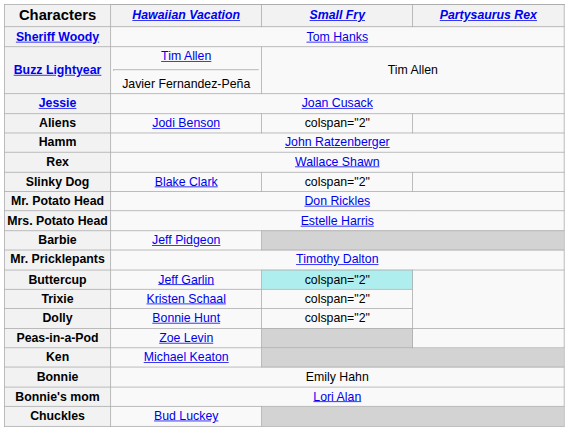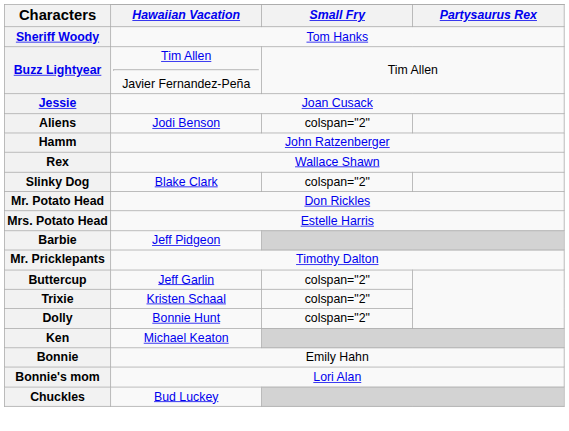 <table class="wikitable" style="text-align:center; ">
 <tr>
 <th rowspan="2" style="width:19%;"><big>Characters</big></th>
 </tr>
 <tr>
 <th style="width:27%;"><em><a href='#'>Hawaiian Vacation</a></em></th>
 <th style="width:27%;"><em><a href='#'>Small Fry</a></em></th>
 <th style="width:27%;"><em><a href='#'>Partysaurus Rex</a></em></th>
 </tr>
 <tr>
 <th><a href='#'>Sheriff Woody</a></th>
 <td colspan="3"><a href='#'>Tom Hanks</a></td>
 </tr>
 <tr>
 <th><a href='#'>Buzz Lightyear</a></th>
 <td><a href='#'>Tim Allen</a><hr>Javier Fernandez-Peña <br></td>
 <td colspan="2">Tim Allen</td>
 </tr>
 <tr>
 <th><a href='#'>Jessie</a></th>
 <td colspan="3"><a href='#'>Joan Cusack</a></td>
 </tr>
 <tr>
 <th>Aliens</th>
 <td><a href='#'>Jodi Benson</a></td>
 <td>colspan="2" </td>
 </tr>
 <tr>
 <th>Hamm</th>
 <td colspan="3"><a href='#'>John Ratzenberger</a></td>
 </tr>
 <tr>
 <th>Rex</th>
 <td colspan="3"><a href='#'>Wallace Shawn</a></td>
 </tr>
 <tr>
 <th>Slinky Dog</th>
 <td><a href='#'>Blake Clark</a></td>
 <td>colspan="2" </td>
 </tr>
 <tr>
 <th>Mr. Potato Head</th>
 <td colspan="3"><a href='#'>Don Rickles</a></td>
 </tr>
 <tr>
 <th>Mrs. Potato Head</th>
 <td colspan="3"><a href='#'>Estelle Harris</a></td>
 </tr>
 <tr>
 <th>Barbie</th>
 <td><a href='#'>Jeff Pidgeon</a></td>
 <td colspan="2" style="background:lightgrey;"></td>
 </tr>
 <tr>
 <th>Mr. Pricklepants</th>
 <td colspan="3"><a href='#'>Timothy Dalton</a></td>
 </tr>
 <tr>
 <th>Buttercup</th>
 <td><a href='#'>Jeff Garlin</a></td>
-<td style="background: paleturquoise;">colspan="2" </td>
+<td>colspan="2" </td>
 </tr>
 <tr>
 <th>Trixie</th>
 <td><a href='#'>Kristen Schaal</a></td>
 <td>colspan="2" </td>
 </tr>
 <tr>
 <th>Dolly</th>
 <td><a href='#'>Bonnie Hunt</a></td>
 <td>colspan="2" </td>
-</tr>
-<tr>
-<th>Peas-in-a-Pod</th>
-<td><a href='#'>Zoe Levin</a></td>
-<td colspan="1" style="background:lightgrey;"></td>
-<td></td>
 </tr>
 <tr>
 <th>Ken</th>
 <td><a href='#'>Michael Keaton</a></td>
 <td colspan="2" style="background:lightgrey;"></td>
 </tr>
 <tr>
 <th>Bonnie</th>
 <td colspan="3">Emily Hahn</td>
 </tr>
 <tr>
 <th>Bonnie's mom</th>
 <td colspan="3"><a href='#'>Lori Alan</a></td>
 </tr>
 <tr>
 <th>Chuckles</th>
 <td><a href='#'>Bud Luckey</a></td>
 <td colspan="2" style="background:lightgrey;"></td>
 </tr>
 </table>
